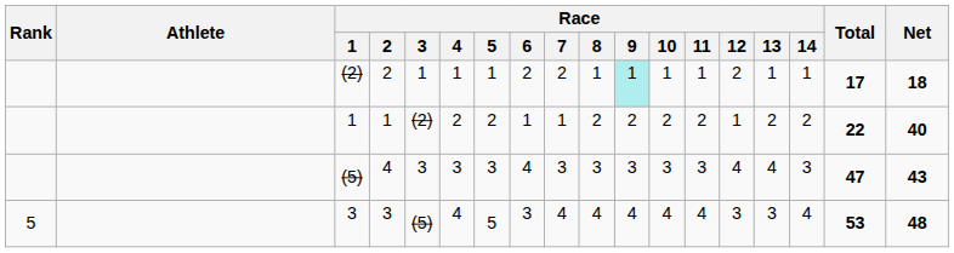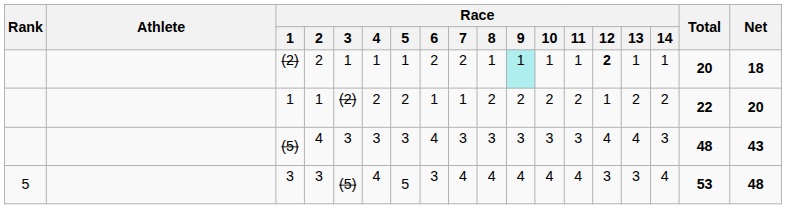 <table | class="wikitable" style="text-align:center">
 <tr>
 <th rowspan="2" width=40>Rank</th>
 <th rowspan="2" width=250>Athlete</th>
 <th colspan="14">Race</th>
 <th rowspan="2" width=50>Total</th>
 <th rowspan="2" width=50>Net</th>
 </tr>
 <tr>
 <th width=25>1</th>
 <th width=25>2</th>
 <th width=25>3</th>
 <th width=25>4</th>
 <th width=25>5</th>
 <th width=25>6</th>
 <th width=25>7</th>
 <th width=25>8</th>
 <th width=25>9</th>
 <th width=25>10</th>
 <th width=25>11</th>
 <th width=25>12</th>
 <th width=25>13</th>
 <th width=25>14</th>
 </tr>
 <tr>
 <td></td>
 <td align=left></td>
 <td><s>(2)</s><br> </td>
 <td>2<br> </td>
 <td>1<br> </td>
 <td>1<br> </td>
 <td>1<br> </td>
 <td>2<br> </td>
 <td>2<br> </td>
 <td>1<br> </td>
 <td style="background: paleturquoise;">1<br> </td>
 <td>1<br> </td>
 <td>1<br> </td>
-<td>2<br> </td>
+<td><strong>2<br> </strong></td>
 <td>1<br> </td>
 <td>1<br> </td>
-<td><strong>17</strong></td>
+<td><strong>20</strong></td>
 <td><strong>18</strong></td>
 </tr>
 <tr>
 <td></td>
 <td align=left></td>
 <td>1<br> </td>
 <td>1<br> </td>
 <td><s>(2)</s><br> </td>
 <td>2<br> </td>
 <td>2<br> </td>
 <td>1<br> </td>
 <td>1<br> </td>
 <td>2<br> </td>
 <td>2<br> </td>
 <td>2<br> </td>
 <td>2<br> </td>
 <td>1<br> </td>
 <td>2<br> </td>
 <td>2<br> </td>
 <td><strong>22</strong></td>
-<td><strong>40</strong></td>
+<td><strong>20</strong></td>
 </tr>
 <tr>
 <td></td>
 <td align=left></td>
 <td><s>(5)</s><br></td>
 <td>4<br> </td>
 <td>3<br> </td>
 <td>3<br> </td>
 <td>3<br> </td>
 <td>4<br> </td>
 <td>3<br> </td>
 <td>3<br> </td>
 <td>3<br> </td>
 <td>3<br> </td>
 <td>3<br> </td>
 <td>4<br> </td>
 <td>4<br> </td>
 <td>3<br> </td>
-<td><strong>47</strong></td>
+<td><strong>48</strong></td>
 <td><strong>43</strong></td>
 </tr>
 <tr>
 <td>5</td>
 <td align=left></td>
 <td>3<br> </td>
 <td>3<br> </td>
 <td><s>(5)</s><br></td>
 <td>4<br> </td>
 <td>5<br></td>
 <td>3<br> </td>
 <td>4<br> </td>
 <td>4<br> </td>
 <td>4<br> </td>
 <td>4<br> </td>
 <td>4<br> </td>
 <td>3<br> </td>
 <td>3<br> </td>
 <td>4<br> </td>
 <td><strong>53</strong></td>
 <td><strong>48</strong></td>
 </tr>
 </table>
